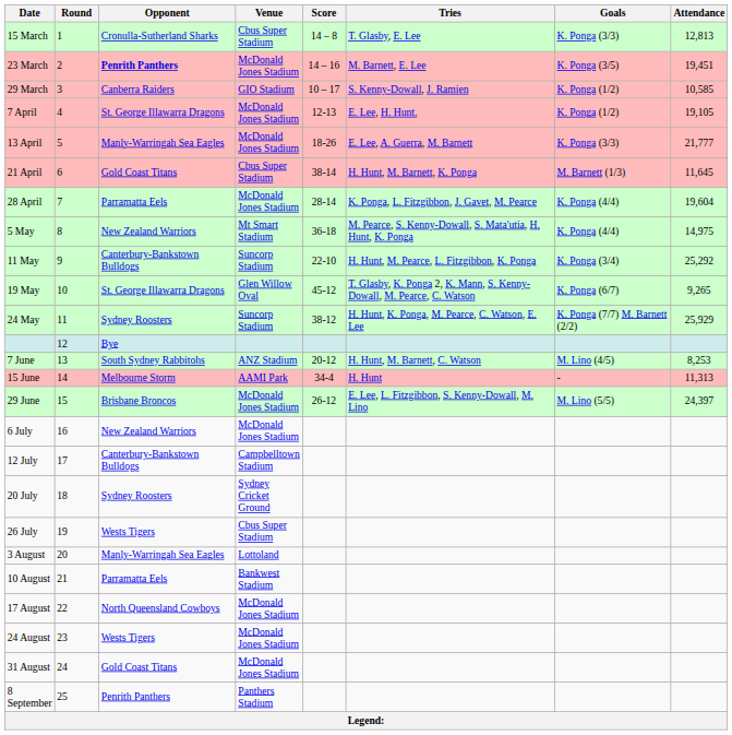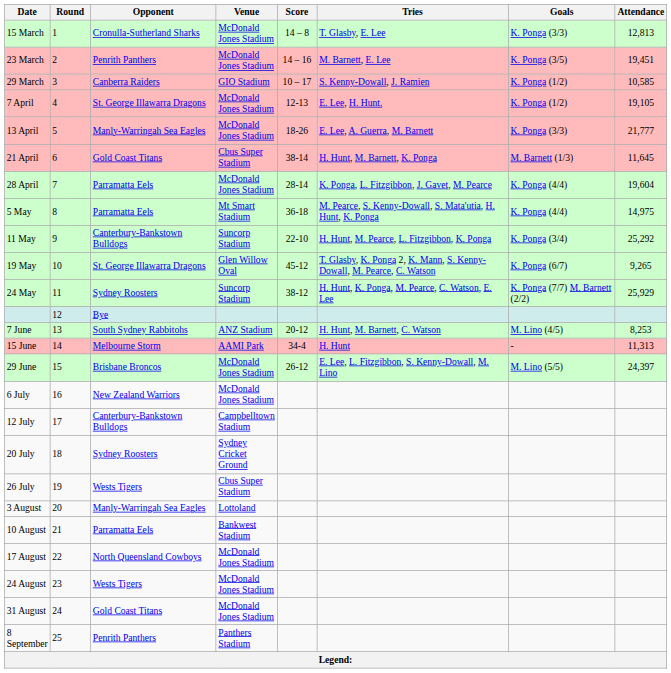 <table class="wikitable"  style="font-size:80%; width:100%;">
 <tr>
 <th>Date</th>
 <th width="50">Round</th>
 <th width="180">Opponent</th>
 <th>Venue</th>
 <th width="50">Score</th>
 <th width="285">Tries</th>
 <th width="155">Goals</th>
 <th width="60">Attendance</th>
 </tr>
 <tr style="background:#CCFFCC;">
 <td>15 March</td>
 <td>1</td>
 <td> <a href='#'>Cronulla-Sutherland Sharks</a></td>
-<td><a href='#'>Cbus Super Stadium</a></td>
+<td><a href='#'>McDonald Jones Stadium</a></td>
 <td style="text-align:center;">14 – 8 </td>
 <td><a href='#'>T. Glasby</a>, <a href='#'>E. Lee</a></td>
 <td><a href='#'>K. Ponga</a> (3/3)</td>
 <td style="text-align:center;">12,813</td>
 </tr>
 <tr style="background:#fbb">
 <td>23 March</td>
 <td>2</td>
-<td><strong> <a href='#'>Penrith Panthers</a></strong></td>
+<td> <a href='#'>Penrith Panthers</a></td>
 <td><a href='#'>McDonald Jones Stadium</a></td>
 <td style="text-align:center;">14 – 16 </td>
 <td><a href='#'>M. Barnett</a>, <a href='#'>E. Lee</a></td>
 <td><a href='#'>K. Ponga</a> (3/5)</td>
 <td style="text-align:center;">19,451</td>
 </tr>
 <tr style="background:#fbb">
 <td>29 March</td>
 <td>3</td>
 <td> <a href='#'>Canberra Raiders</a></td>
 <td><a href='#'>GIO Stadium</a></td>
 <td style="text-align:center;">10 – 17 </td>
 <td><a href='#'>S. Kenny-Dowall</a>, <a href='#'>J. Ramien</a></td>
 <td><a href='#'>K. Ponga</a> (1/2)</td>
 <td style="text-align:center;">10,585</td>
 </tr>
 <tr style="background:#fbb">
 <td>7 April</td>
 <td>4</td>
 <td> <a href='#'>St. George Illawarra Dragons</a></td>
 <td><a href='#'>McDonald Jones Stadium</a></td>
 <td style="text-align:center;">12-13</td>
 <td><a href='#'>E. Lee</a>, <a href='#'>H. Hunt.</a></td>
 <td><a href='#'>K. Ponga</a>  (1/2)</td>
 <td style="text-align:center;">19,105</td>
 </tr>
 <tr style="background:#fbb">
 <td>13 April</td>
 <td>5</td>
 <td> <a href='#'>Manly-Warringah Sea Eagles</a></td>
 <td><a href='#'>McDonald Jones Stadium</a></td>
 <td style="text-align:center;">18-26</td>
 <td><a href='#'>E. Lee</a>, <a href='#'>A. Guerra</a>, <a href='#'>M. Barnett</a></td>
 <td><a href='#'>K. Ponga</a>  (3/3)</td>
 <td style="text-align:center;">21,777</td>
 </tr>
 <tr style="background:#fbb">
 <td>21 April</td>
 <td>6</td>
 <td> <a href='#'>Gold Coast Titans</a></td>
 <td><a href='#'>Cbus Super Stadium</a></td>
 <td style="text-align:center;">38-14</td>
 <td><a href='#'>H. Hunt</a>, <a href='#'>M. Barnett</a>, <a href='#'>K. Ponga</a></td>
 <td><a href='#'>M. Barnett</a> (1/3)</td>
 <td style="text-align:center;">11,645</td>
 </tr>
 <tr style="background:#CCFFCC;">
 <td>28 April</td>
 <td>7</td>
 <td> <a href='#'>Parramatta Eels</a></td>
 <td><a href='#'>McDonald Jones Stadium</a></td>
 <td style="text-align:center;">28-14</td>
 <td><a href='#'>K. Ponga</a>, <a href='#'>L. Fitzgibbon</a>, <a href='#'>J. Gavet</a>, <a href='#'>M. Pearce</a></td>
 <td><a href='#'>K. Ponga</a>  (4/4)</td>
 <td style="text-align:center;">19,604</td>
 </tr>
 <tr style="background:#CCFFCC;">
 <td>5 May</td>
 <td>8</td>
-<td> <a href='#'>New Zealand Warriors</a></td>
+<td> <a href='#'>Parramatta Eels</a></td>
 <td><a href='#'>Mt Smart Stadium</a></td>
 <td style="text-align:center;">36-18</td>
 <td><a href='#'>M. Pearce</a>, <a href='#'>S. Kenny-Dowall</a>, <a href='#'>S. Mata'utia</a>, <a href='#'>H. Hunt</a>, <a href='#'>K. Ponga</a></td>
 <td><a href='#'>K. Ponga</a>  (4/4)</td>
 <td style="text-align:center;">14,975</td>
 </tr>
 <tr style="background:#CCFFCC;">
 <td>11 May</td>
 <td>9</td>
 <td> <a href='#'>Canterbury-Bankstown Bulldogs</a></td>
 <td><a href='#'>Suncorp Stadium</a></td>
 <td style="text-align:center;">22-10</td>
 <td><a href='#'>H. Hunt</a>, <a href='#'>M. Pearce</a>, <a href='#'>L. Fitzgibbon</a>, <a href='#'>K. Ponga</a></td>
 <td><a href='#'>K. Ponga</a>  (3/4)</td>
 <td style="text-align:center;">25,292</td>
 </tr>
 <tr style="background:#CCFFCC;">
 <td>19 May</td>
 <td>10</td>
 <td> <a href='#'>St. George Illawarra Dragons</a></td>
 <td><a href='#'>Glen Willow Oval</a></td>
 <td style="text-align:center;">45-12</td>
 <td><a href='#'>T. Glasby</a>, <a href='#'>K. Ponga</a> 2, <a href='#'>K. Mann</a>, <a href='#'>S. Kenny-Dowall</a>, <a href='#'>M. Pearce</a>, <a href='#'>C. Watson</a></td>
 <td><a href='#'>K. Ponga</a>  (6/7)</td>
 <td style="text-align:center;">9,265</td>
 </tr>
 <tr style="background:#CCFFCC;">
 <td>24 May</td>
 <td>11</td>
 <td> <a href='#'>Sydney Roosters</a></td>
 <td><a href='#'>Suncorp Stadium</a></td>
 <td style="text-align:center;">38-12</td>
 <td><a href='#'>H. Hunt</a>, <a href='#'>K. Ponga</a>, <a href='#'>M. Pearce</a>, <a href='#'>C. Watson</a>, <a href='#'>E. Lee</a></td>
 <td><a href='#'>K. Ponga</a>  (7/7) <a href='#'>M. Barnett</a> (2/2)</td>
 <td style="text-align:center;">25,929</td>
 </tr>
 <tr bgcolor=#cfecec>
 <td></td>
 <td>12</td>
 <td><a href='#'>Bye</a></td>
 <td></td>
 <td></td>
 <td></td>
 <td></td>
 <td></td>
 </tr>
 <tr style="background:#CCFFCC;">
 <td>7 June</td>
 <td>13</td>
 <td> <a href='#'>South Sydney Rabbitohs</a></td>
 <td><a href='#'>ANZ Stadium</a></td>
 <td style="text-align:center;">20-12</td>
 <td><a href='#'>H. Hunt</a>, <a href='#'>M. Barnett</a>, <a href='#'>C. Watson</a></td>
 <td><a href='#'>M. Lino</a> (4/5)</td>
 <td style="text-align:center;">8,253</td>
 </tr>
 <tr style="background:#fbb">
 <td>15 June</td>
 <td>14</td>
 <td> <a href='#'>Melbourne Storm</a></td>
 <td><a href='#'>AAMI Park</a></td>
 <td style="text-align:center;">34-4</td>
 <td><a href='#'>H. Hunt</a></td>
 <td>-</td>
 <td style="text-align:center;">11,313</td>
 </tr>
 <tr style="background:#CCFFCC;">
 <td>29 June</td>
 <td>15</td>
 <td> <a href='#'>Brisbane Broncos</a></td>
 <td><a href='#'>McDonald Jones Stadium</a></td>
 <td style="text-align:center;">26-12</td>
 <td><a href='#'>E. Lee</a>, <a href='#'>L. Fitzgibbon</a>, <a href='#'>S. Kenny-Dowall</a>, <a href='#'>M. Lino</a></td>
 <td><a href='#'>M. Lino</a> (5/5)</td>
 <td style="text-align:center;">24,397</td>
 </tr>
 <tr style="background:">
 <td>6 July</td>
 <td>16</td>
 <td> <a href='#'>New Zealand Warriors</a></td>
 <td><a href='#'>McDonald Jones Stadium</a></td>
 <td style="text-align:center;"></td>
 <td></td>
 <td></td>
 <td style="text-align:center;"></td>
 </tr>
 <tr style="background:">
 <td>12 July</td>
 <td>17</td>
 <td> <a href='#'>Canterbury-Bankstown Bulldogs</a></td>
 <td><a href='#'>Campbelltown Stadium</a></td>
 <td style="text-align:center;"></td>
 <td></td>
 <td></td>
 <td style="text-align:center;"></td>
 </tr>
 <tr style="background:">
 <td>20 July</td>
 <td>18</td>
 <td> <a href='#'>Sydney Roosters</a></td>
 <td><a href='#'>Sydney Cricket Ground</a></td>
 <td style="text-align:center;"></td>
 <td></td>
 <td></td>
 <td style="text-align:center;"></td>
 </tr>
 <tr style="background:">
 <td>26 July</td>
 <td>19</td>
 <td> <a href='#'>Wests Tigers</a></td>
 <td><a href='#'>Cbus Super Stadium</a></td>
 <td style="text-align:center;"></td>
 <td></td>
 <td></td>
 <td style="text-align:center;"></td>
 </tr>
 <tr style="background:">
 <td>3 August</td>
 <td>20</td>
 <td> <a href='#'>Manly-Warringah Sea Eagles</a></td>
 <td><a href='#'>Lottoland</a></td>
 <td style="text-align:center;"></td>
 <td></td>
 <td></td>
 <td style="text-align:center;"></td>
 </tr>
 <tr style="background:">
 <td>10 August</td>
 <td>21</td>
 <td> <a href='#'>Parramatta Eels</a></td>
 <td><a href='#'>Bankwest Stadium</a></td>
 <td style="text-align:center;"></td>
 <td></td>
 <td></td>
 <td style="text-align:center;"></td>
 </tr>
 <tr style="background:">
 <td>17 August</td>
 <td>22</td>
 <td> <a href='#'>North Queensland Cowboys</a></td>
 <td><a href='#'>McDonald Jones Stadium</a></td>
 <td style="text-align:center;"></td>
 <td></td>
 <td></td>
 <td style="text-align:center;"></td>
 </tr>
 <tr style="background:">
 <td>24 August</td>
 <td>23</td>
 <td> <a href='#'>Wests Tigers</a></td>
 <td><a href='#'>McDonald Jones Stadium</a></td>
 <td style="text-align:center;"></td>
 <td></td>
 <td></td>
 <td style="text-align:center;"></td>
 </tr>
 <tr style="background:">
 <td>31 August</td>
 <td>24</td>
 <td> <a href='#'>Gold Coast Titans</a></td>
 <td><a href='#'>McDonald Jones Stadium</a></td>
 <td style="text-align:center;"></td>
 <td></td>
 <td></td>
 <td style="text-align:center;"></td>
 </tr>
 <tr style="background:">
 <td>8 September</td>
 <td>25</td>
 <td> <a href='#'>Penrith Panthers</a></td>
 <td><a href='#'>Panthers Stadium</a></td>
 <td style="text-align:center;"></td>
 <td></td>
 <td></td>
 <td style="text-align:center;"></td>
 </tr>
 <tr>
 <th colspan="11"><strong>Legend</strong>:   </th>
 </tr>
 </table>
